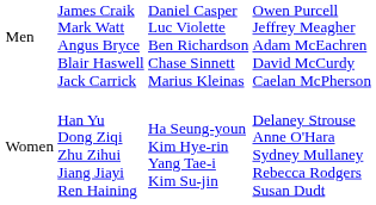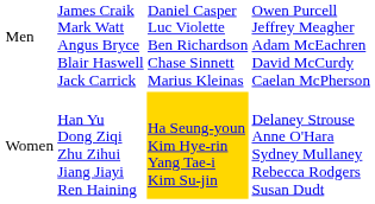 <table>
 <tr>
 <td>Men</td>
 <td><strong></strong><br><a href='#'>James Craik</a><br><a href='#'>Mark Watt</a><br><a href='#'>Angus Bryce</a><br><a href='#'>Blair Haswell</a><br><a href='#'>Jack Carrick</a></td>
 <td><strong></strong><br><a href='#'>Daniel Casper</a><br><a href='#'>Luc Violette</a><br><a href='#'>Ben Richardson</a><br><a href='#'>Chase Sinnett</a><br><a href='#'>Marius Kleinas</a></td>
 <td><strong></strong><br><a href='#'>Owen Purcell</a><br><a href='#'>Jeffrey Meagher</a><br><a href='#'>Adam McEachren</a><br><a href='#'>David McCurdy</a><br><a href='#'>Caelan McPherson</a></td>
 </tr>
 <tr>
 <td>Women</td>
 <td><strong></strong><br><a href='#'>Han Yu</a><br><a href='#'>Dong Ziqi</a><br><a href='#'>Zhu Zihui</a><br><a href='#'>Jiang Jiayi</a><br><a href='#'>Ren Haining</a></td>
-<td><strong></strong><br><a href='#'>Ha Seung-youn</a><br><a href='#'>Kim Hye-rin</a><br><a href='#'>Yang Tae-i</a><br><a href='#'>Kim Su-jin</a></td>
+<td style="background: gold;"><strong></strong><br><a href='#'>Ha Seung-youn</a><br><a href='#'>Kim Hye-rin</a><br><a href='#'>Yang Tae-i</a><br><a href='#'>Kim Su-jin</a></td>
 <td><strong></strong><br><a href='#'>Delaney Strouse</a><br><a href='#'>Anne O'Hara</a><br><a href='#'>Sydney Mullaney</a><br><a href='#'>Rebecca Rodgers</a><br><a href='#'>Susan Dudt</a></td>
 </tr>
 </table>
